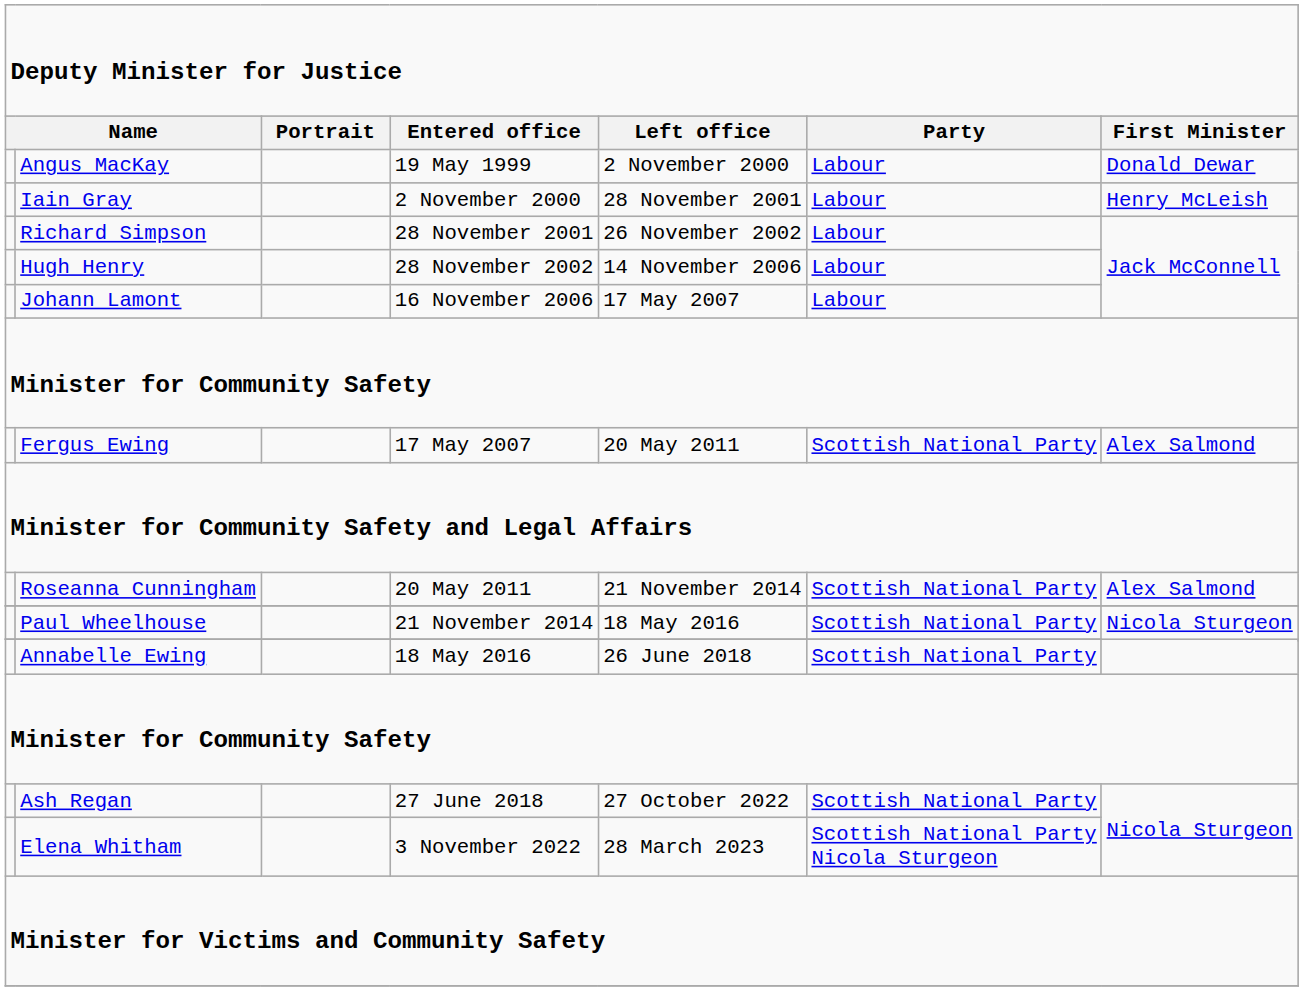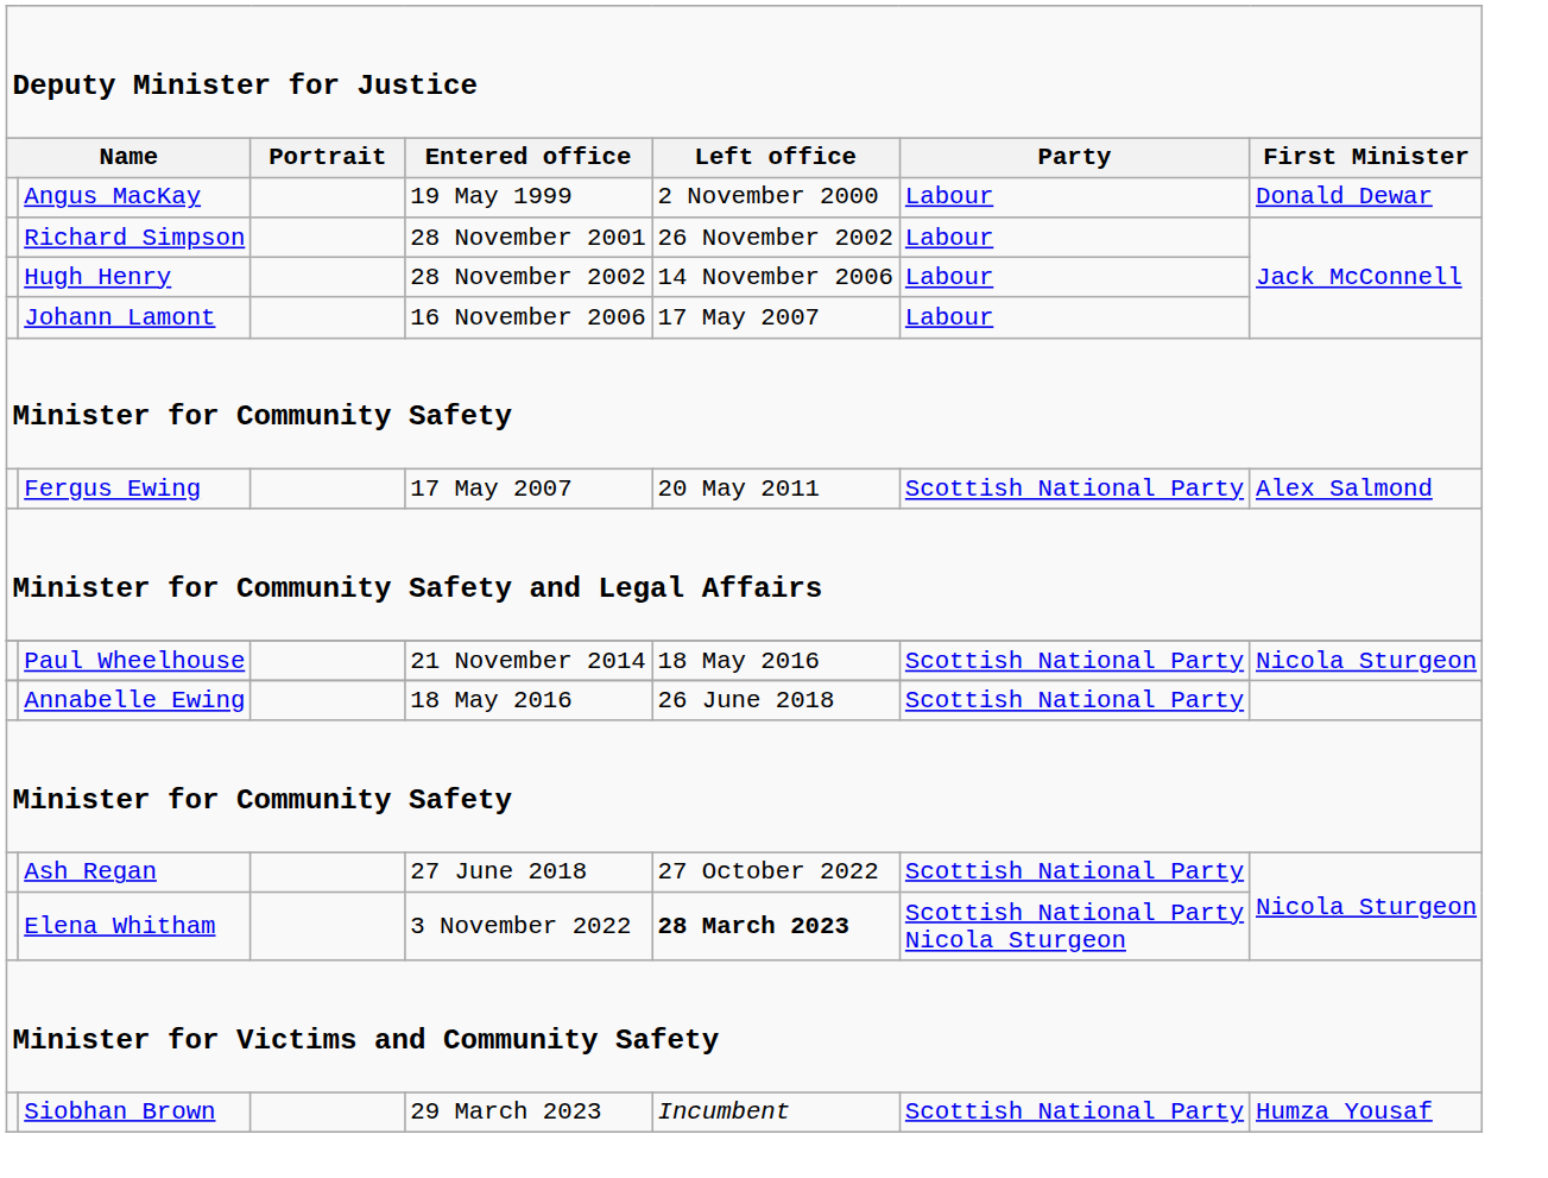 <table class="wikitable" style="margin: 0 0 0 1em; background: #f9f9f9; border: 1px #aaaaaa solid; border-collapse: collapse; ">
 <tr>
 <td colspan="7"><br><h3>Deputy Minister for Justice</h3></td>
 </tr>
 <tr>
 <th colspan="2">Name</th>
 <th width=75>Portrait</th>
 <th>Entered office</th>
 <th>Left office</th>
 <th>Party</th>
 <th>First Minister</th>
 </tr>
 <tr>
 <td></td>
 <td><a href='#'>Angus MacKay</a></td>
 <td></td>
 <td>19 May 1999</td>
 <td>2 November 2000</td>
 <td><a href='#'>Labour</a></td>
 <td><a href='#'>Donald Dewar</a></td>
-</tr>
-<tr>
-<td></td>
-<td><a href='#'>Iain Gray</a></td>
-<td></td>
-<td>2 November 2000</td>
-<td>28 November 2001</td>
-<td><a href='#'>Labour</a></td>
-<td><a href='#'>Henry McLeish</a></td>
 </tr>
 <tr>
 <td></td>
 <td><a href='#'>Richard Simpson</a></td>
 <td></td>
 <td>28 November 2001</td>
 <td>26 November 2002</td>
 <td><a href='#'>Labour</a></td>
 <td rowspan="3"><a href='#'>Jack McConnell</a></td>
 </tr>
 <tr>
 <td></td>
 <td><a href='#'>Hugh Henry</a></td>
 <td></td>
 <td>28 November 2002</td>
 <td>14 November 2006</td>
 <td><a href='#'>Labour</a></td>
 </tr>
 <tr>
 <td></td>
 <td><a href='#'>Johann Lamont</a></td>
 <td></td>
 <td>16 November 2006</td>
 <td>17 May 2007</td>
 <td><a href='#'>Labour</a></td>
 </tr>
 <tr>
 <td colspan="7"><br><h3>Minister for Community Safety</h3></td>
 </tr>
 <tr>
 <td></td>
 <td><a href='#'>Fergus Ewing</a></td>
 <td></td>
 <td>17 May 2007</td>
 <td>20 May 2011</td>
 <td><a href='#'>Scottish National Party</a></td>
 <td><a href='#'>Alex Salmond</a></td>
 </tr>
 <tr>
 <td colspan="7"><br><h3>Minister for Community Safety and Legal Affairs</h3></td>
 </tr>
 <tr>
-<td></td>
-<td><a href='#'>Roseanna Cunningham</a></td>
-<td></td>
-<td>20 May 2011</td>
-<td>21 November 2014</td>
-<td><a href='#'>Scottish National Party</a></td>
-<td><a href='#'>Alex Salmond</a></td>
-</tr>
-<tr>
 </tr>
 <tr>
 <td></td>
 <td><a href='#'>Paul Wheelhouse</a></td>
 <td></td>
 <td>21 November 2014</td>
 <td>18 May 2016</td>
 <td><a href='#'>Scottish National Party</a></td>
 <td rowspan="2"><a href='#'>Nicola Sturgeon</a></td>
 </tr>
 <tr>
 </tr>
 <tr>
 <td></td>
 <td><a href='#'>Annabelle Ewing</a></td>
 <td></td>
 <td>18 May 2016</td>
 <td>26 June 2018</td>
 <td><a href='#'>Scottish National Party</a></td>
 </tr>
 <tr>
 <td colspan="7"><br><h3>Minister for Community Safety</h3></td>
 </tr>
 <tr>
 <td></td>
 <td><a href='#'>Ash Regan</a></td>
 <td></td>
 <td>27 June 2018</td>
 <td>27 October 2022</td>
 <td><a href='#'>Scottish National Party</a></td>
 <td rowspan="2"><a href='#'>Nicola Sturgeon</a></td>
 </tr>
 <tr>
 <td></td>
 <td><a href='#'>Elena Whitham</a></td>
 <td></td>
 <td>3 November 2022</td>
-<td>28 March 2023</td>
+<td><strong>28 March 2023</strong></td>
 <td><a href='#'>Scottish National Party</a><br><a href='#'>Nicola Sturgeon</a></td>
 </tr>
 <tr>
 <td colspan="7"><br><h3>Minister for Victims and Community Safety</h3></td>
 </tr>
 <tr>
+<td></td>
+<td><a href='#'>Siobhan Brown</a></td>
+<td></td>
+<td>29 March 2023</td>
+<td><em>Incumbent</em></td>
+<td><a href='#'>Scottish National Party</a></td>
+<td><a href='#'>Humza Yousaf</a></td>
+</tr>
+<tr>
 </tr>
 </table>
